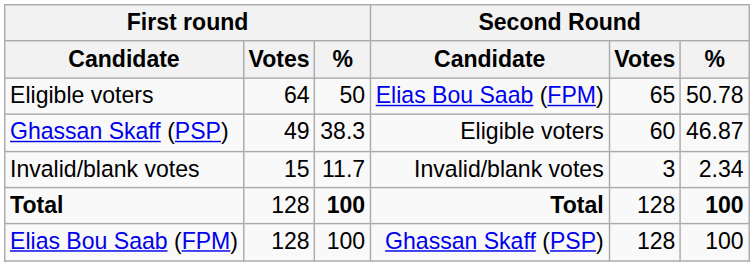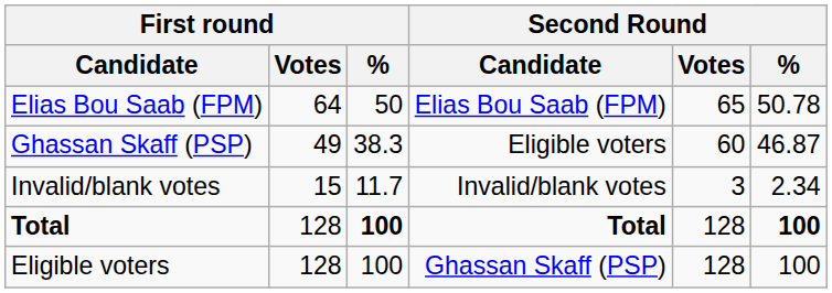 <table class="wikitable" style="text-align:right">
 <tr>
 <th colspan="3">First round</th>
 <th colspan="3">Second Round</th>
 </tr>
 <tr>
 <th>Candidate</th>
 <th>Votes</th>
 <th>%</th>
 <th>Candidate</th>
 <th>Votes</th>
 <th>%</th>
 </tr>
 <tr>
-<td style="text-align:left;">Eligible voters</td>
+<td align="left"><a href='#'>Elias Bou Saab</a> (<a href='#'>FPM</a>)</td>
 <td>64</td>
 <td>50</td>
 <td><a href='#'>Elias Bou Saab</a> (<a href='#'>FPM</a>)</td>
 <td>65</td>
 <td>50.78</td>
 </tr>
 <tr>
 <td align="left"><a href='#'>Ghassan Skaff</a> (<a href='#'>PSP</a>)</td>
 <td>49</td>
 <td>38.3</td>
 <td>Eligible voters</td>
 <td>60</td>
 <td>46.87</td>
 </tr>
 <tr>
 <td style="text-align:left;">Invalid/blank votes</td>
 <td>15</td>
 <td>11.7</td>
 <td>Invalid/blank votes</td>
 <td>3</td>
 <td>2.34</td>
 </tr>
 <tr>
 <td style="text-align:left;"><strong>Total</strong></td>
 <td>128</td>
 <td><strong>100</strong></td>
 <td><strong>Total</strong></td>
 <td>128</td>
 <td><strong>100</strong></td>
 </tr>
 <tr>
-<td align="left"><a href='#'>Elias Bou Saab</a> (<a href='#'>FPM</a>)</td>
+<td style="text-align:left;">Eligible voters</td>
 <td>128</td>
 <td>100</td>
 <td><a href='#'>Ghassan Skaff</a> (<a href='#'>PSP</a>)</td>
 <td>128</td>
 <td>100</td>
 </tr>
 </table>
